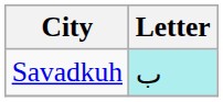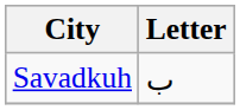 <table class="wikitable">
 <tr>
 <th>City</th>
 <th>Letter</th>
 </tr>
 <tr>
 <td><a href='#'>Savadkuh</a></td>
-<td style="background: paleturquoise;">ب</td>
+<td>ب</td>
 </tr>
 <tr>
 </tr>
 </table>
